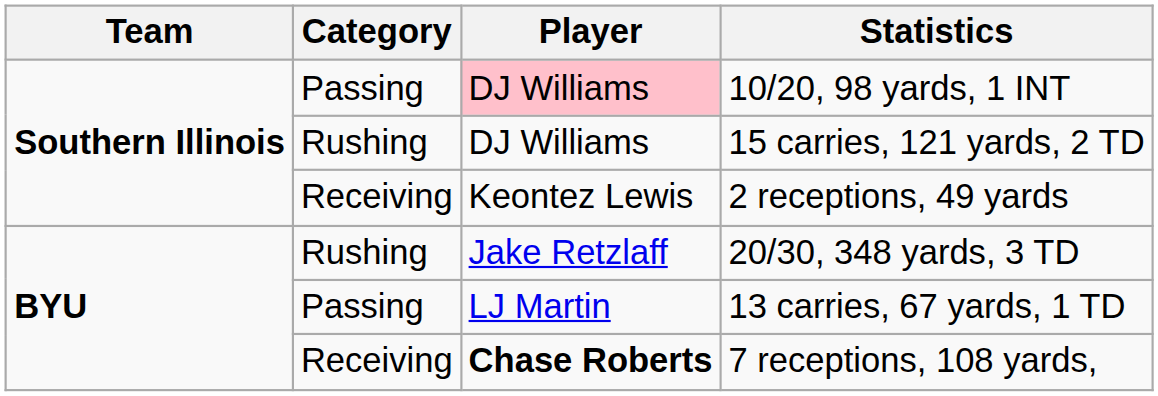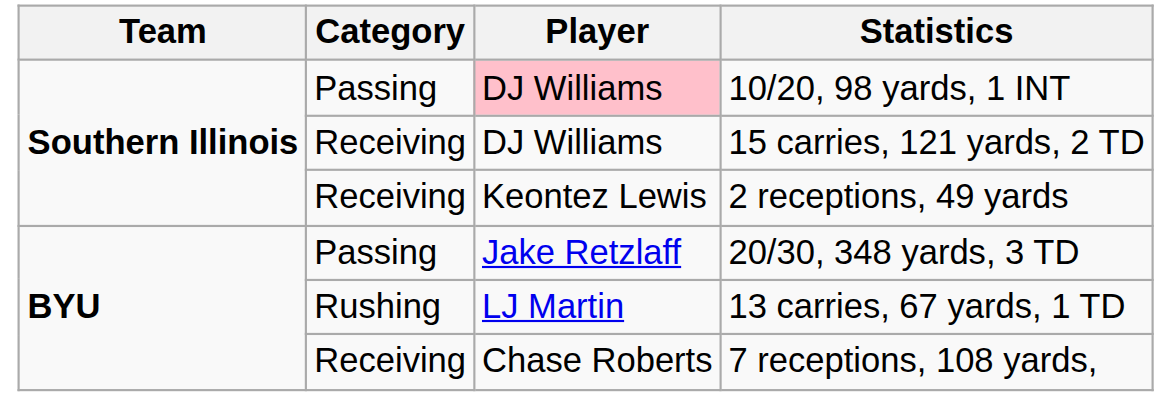 <table class="wikitable" style="float: right;">
 <tr>
 <th>Team</th>
 <th>Category</th>
 <th>Player</th>
 <th>Statistics</th>
 </tr>
 <tr>
 <td rowspan=3><strong>Southern Illinois</strong></td>
 <td>Passing</td>
 <td style="background: pink;">DJ Williams</td>
 <td>10/20, 98 yards, 1 INT</td>
 </tr>
 <tr>
-<td>Rushing</td>
+<td>Receiving</td>
 <td>DJ Williams</td>
 <td>15 carries, 121 yards, 2 TD</td>
 </tr>
 <tr>
 <td>Receiving</td>
 <td>Keontez Lewis</td>
 <td>2 receptions, 49 yards</td>
 </tr>
 <tr>
 <td rowspan=3><strong>BYU</strong></td>
-<td>Rushing</td>
+<td>Passing</td>
 <td><a href='#'>Jake Retzlaff</a></td>
 <td>20/30, 348 yards, 3 TD</td>
 </tr>
 <tr>
-<td>Passing</td>
+<td>Rushing</td>
 <td><a href='#'>LJ Martin</a></td>
 <td>13 carries, 67 yards, 1 TD</td>
 </tr>
 <tr>
 <td>Receiving</td>
-<td><strong>Chase Roberts</strong></td>
+<td>Chase Roberts</td>
 <td>7 receptions, 108 yards,</td>
 </tr>
 </table>
